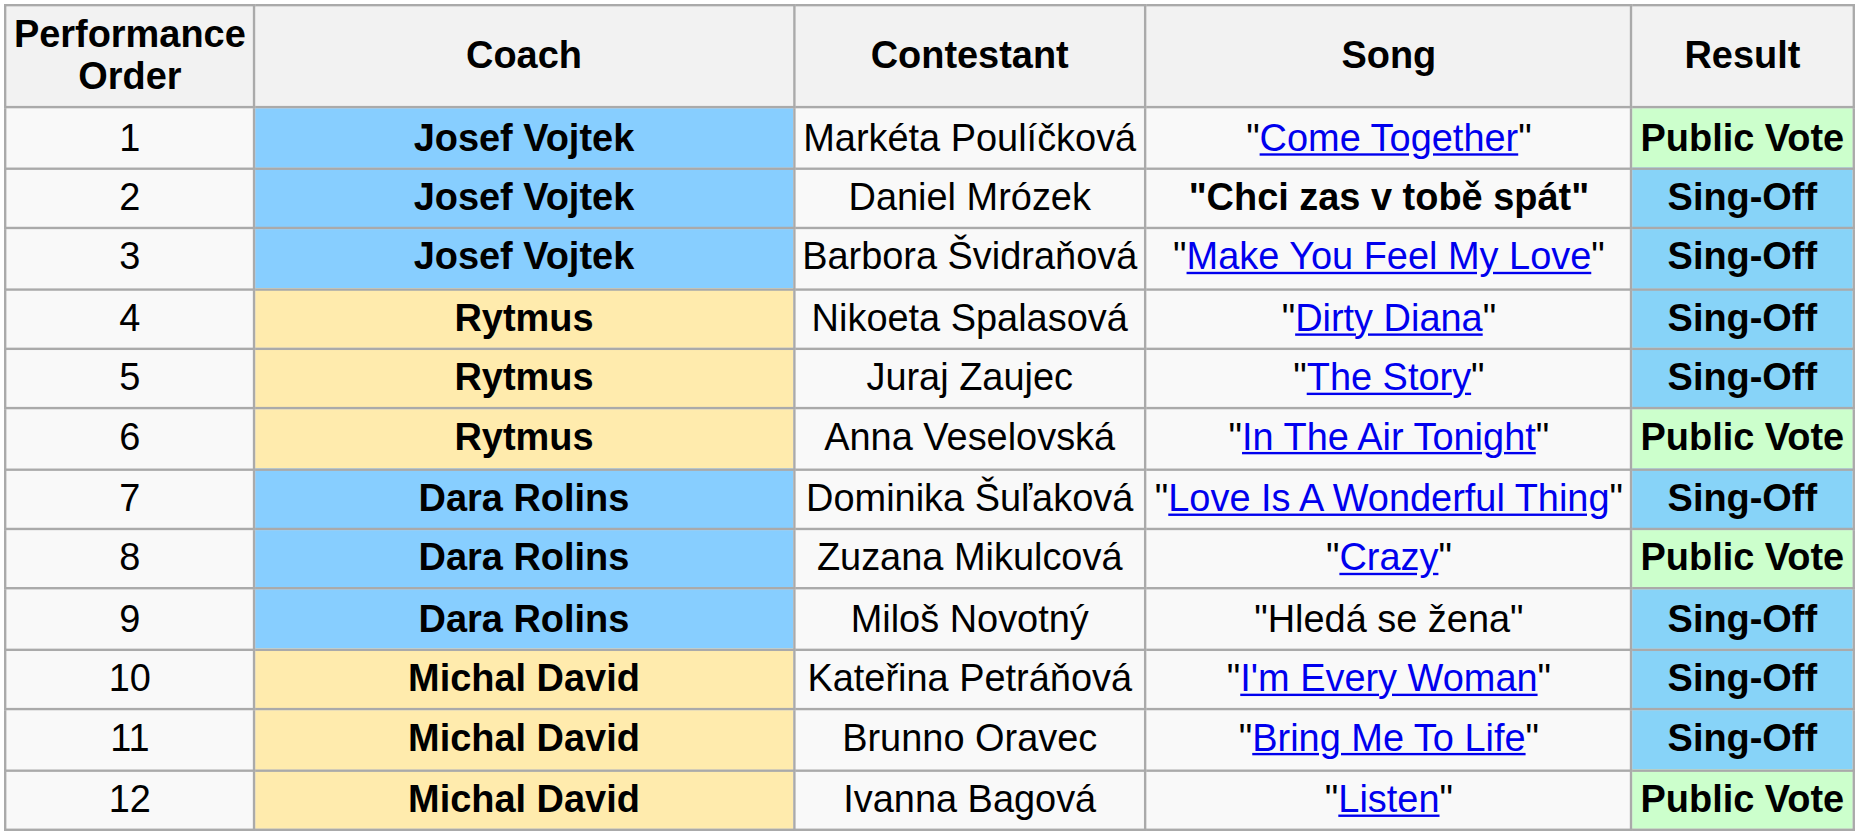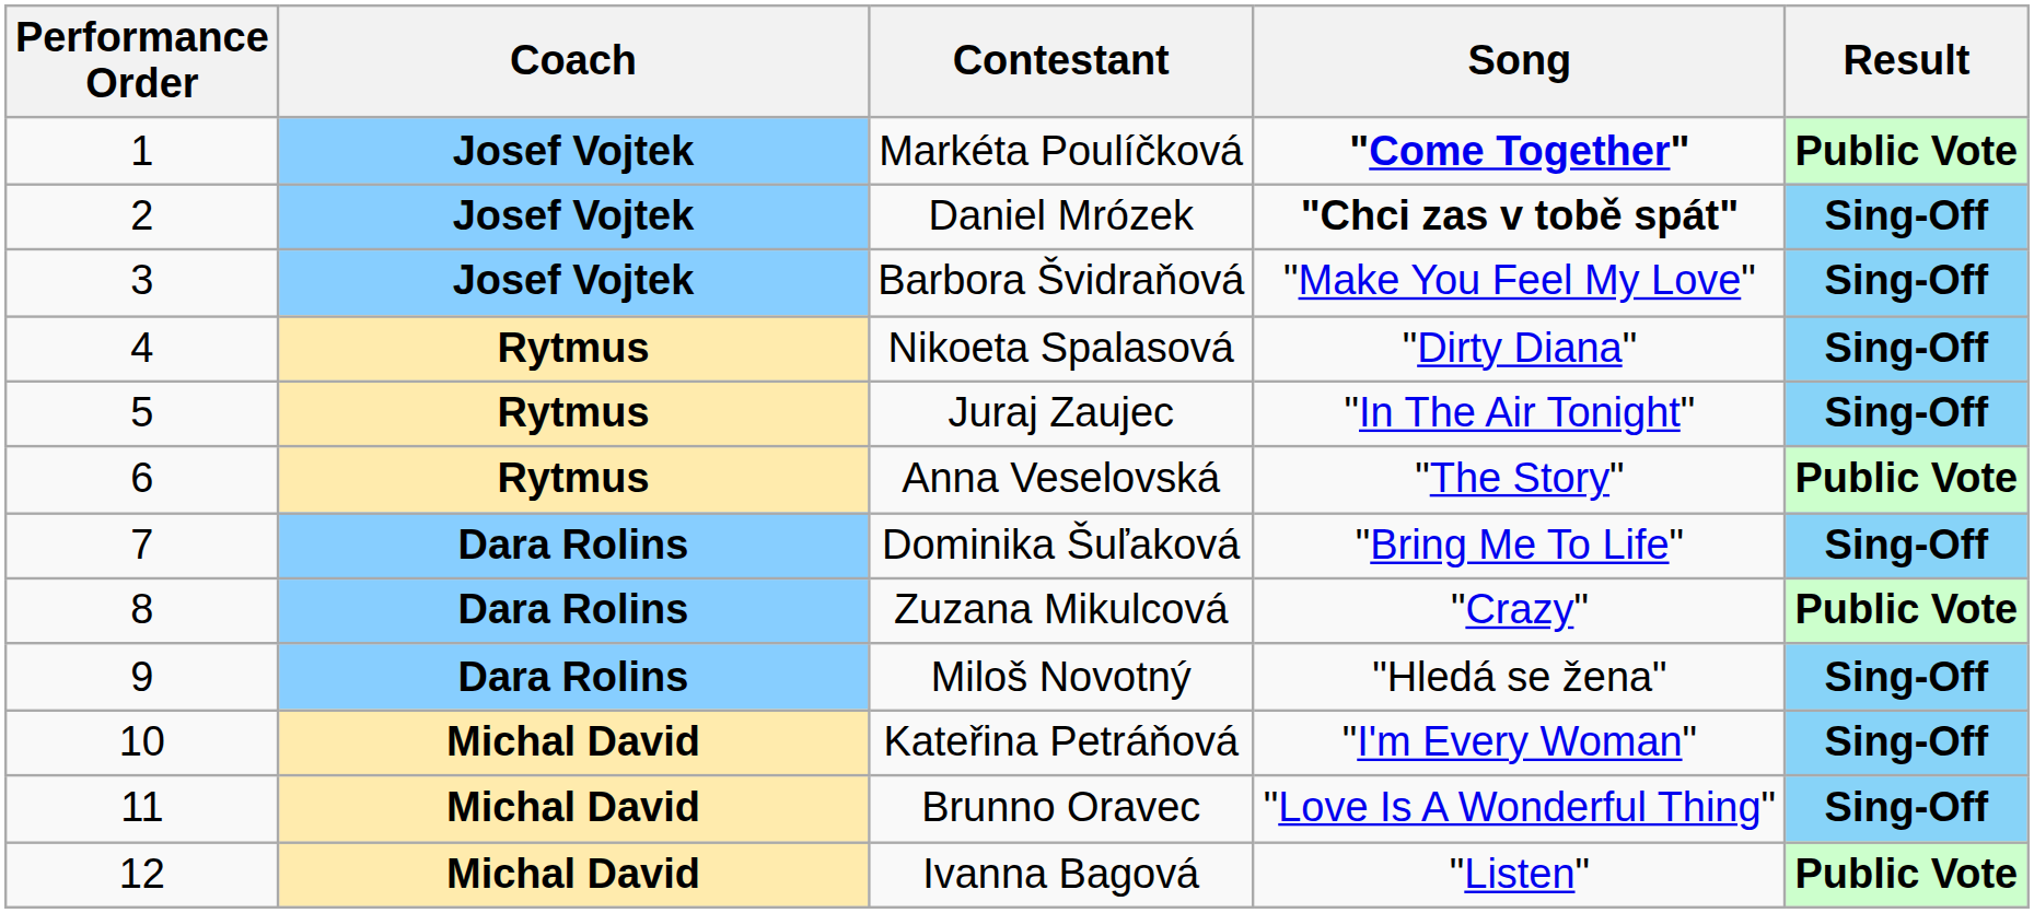 <table class="wikitable sortable" style="text-align: center; width: auto;">
 <tr>
 <th>Performance <br>Order</th>
 <th>Coach</th>
 <th>Contestant</th>
 <th>Song</th>
 <th>Result</th>
 </tr>
 <tr>
 <td>1</td>
 <th style="background-color:#87CEFF" width="220px">Josef Vojtek</th>
 <td>Markéta Poulíčková</td>
-<td>"<a href='#'>Come Together</a>"</td>
+<td><strong>"<a href='#'>Come Together</a>"</strong></td>
 <td style="background:#cfc"><strong>Public Vote</strong></td>
 </tr>
 <tr>
 <td>2</td>
 <th style="background-color:#87CEFF" width="220px">Josef Vojtek</th>
 <td>Daniel Mrózek</td>
 <td><strong>"Chci zas v tobě spát"</strong></td>
 <td style="background:#87D3F8;"><strong>Sing-Off</strong></td>
 </tr>
 <tr>
 <td>3</td>
 <th style="background-color:#87CEFF" width="220px">Josef Vojtek</th>
 <td>Barbora Švidraňová</td>
 <td>"<a href='#'>Make You Feel My Love</a>"</td>
 <th style="background:#87D3F8;">Sing-Off</th>
 </tr>
 <tr>
 <td>4</td>
 <th style="background-color:#FFEBAD" width="220px">Rytmus</th>
 <td>Nikoeta Spalasová</td>
 <td>"<a href='#'>Dirty Diana</a>"</td>
 <th style="background:#87D3F8;">Sing-Off</th>
 </tr>
 <tr>
 <td>5</td>
 <th style="background-color:#FFEBAD" width="220px">Rytmus</th>
 <td>Juraj Zaujec</td>
-<td>"<a href='#'>The Story</a>"</td>
+<td>"<a href='#'>In The Air Tonight</a>"</td>
 <th style="background:#87D3F8;">Sing-Off</th>
 </tr>
 <tr>
 <td>6</td>
 <th style="background-color:#FFEBAD" width="220px">Rytmus</th>
 <td>Anna Veselovská</td>
-<td>"<a href='#'>In The Air Tonight</a>"</td>
+<td>"<a href='#'>The Story</a>"</td>
 <th style="background:#cfc">Public Vote</th>
 </tr>
 <tr>
 <td>7</td>
 <th style="background-color:#87CEFF" width="220px">Dara Rolins</th>
 <td>Dominika Šuľaková</td>
-<td>"<a href='#'>Love Is A Wonderful Thing</a>"</td>
+<td>"<a href='#'>Bring Me To Life</a>"</td>
 <td style="background:#87D3F8;"><strong>Sing-Off</strong></td>
 </tr>
 <tr>
 <td>8</td>
 <th style="background-color:#87CEFF" width="220px">Dara Rolins</th>
 <td>Zuzana Mikulcová</td>
 <td>"<a href='#'>Crazy</a>"</td>
 <td style="background:#cfc"><strong>Public Vote</strong></td>
 </tr>
 <tr>
 <td>9</td>
 <th style="background-color:#87CEFF" width="220px">Dara Rolins</th>
 <td>Miloš Novotný</td>
 <td>"Hledá se žena"</td>
 <th style="background:#87D3F8;">Sing-Off</th>
 </tr>
 <tr>
 <td>10</td>
 <th style="background-color:#FFEBAD" width="220px">Michal David</th>
 <td>Kateřina Petráňová</td>
 <td>"<a href='#'>I'm Every Woman</a>"</td>
 <th style="background:#87D3F8;">Sing-Off</th>
 </tr>
 <tr>
 <td>11</td>
 <th style="background-color:#FFEBAD" width="220px">Michal David</th>
 <td>Brunno Oravec</td>
-<td>"<a href='#'>Bring Me To Life</a>"</td>
+<td>"<a href='#'>Love Is A Wonderful Thing</a>"</td>
 <td style="background:#87D3F8;"><strong>Sing-Off</strong></td>
 </tr>
 <tr>
 <td>12</td>
 <th style="background-color:#FFEBAD" width="220px">Michal David</th>
 <td>Ivanna Bagová</td>
 <td>"<a href='#'>Listen</a>"</td>
 <th style="background:#cfc">Public Vote</th>
 </tr>
 <tr>
 </tr>
 </table>
